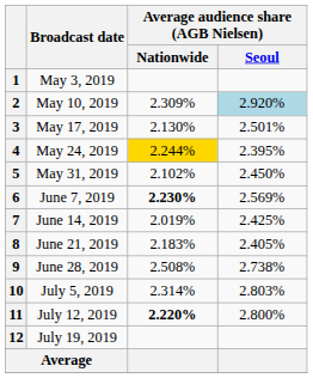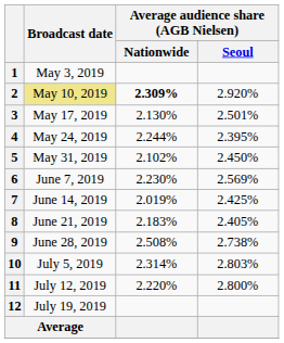 <table class="wikitable" style="text-align:center">
 <tr>
 <th rowspan="2"></th>
 <th rowspan="2">Broadcast date</th>
 <th colspan="2">Average audience share<br>(AGB Nielsen)</th>
 </tr>
 <tr>
 <th width="90">Nationwide</th>
 <th width="90"><a href='#'>Seoul</a></th>
 </tr>
 <tr>
 <th>1</th>
 <td>May 3, 2019</td>
 <td></td>
 <td></td>
 </tr>
 <tr>
 <th>2</th>
-<td>May 10, 2019</td>
-<td>2.309%</td>
-<td style="background: lightblue;">2.920%</td>
+<td style="background: khaki;">May 10, 2019</td>
+<td><strong>2.309%</strong></td>
+<td>2.920%</td>
 </tr>
 <tr>
 <th>3</th>
 <td>May 17, 2019</td>
 <td>2.130%</td>
 <td>2.501%</td>
 </tr>
 <tr>
 <th>4</th>
 <td>May 24, 2019</td>
-<td style="background: gold;">2.244%</td>
+<td>2.244%</td>
 <td>2.395%</td>
 </tr>
 <tr>
 <th>5</th>
 <td>May 31, 2019</td>
 <td>2.102%</td>
 <td>2.450%</td>
 </tr>
 <tr>
 <th>6</th>
 <td>June 7, 2019</td>
-<td><strong>2.230%</strong></td>
+<td>2.230%</td>
 <td>2.569%</td>
 </tr>
 <tr>
 <th>7</th>
 <td>June 14, 2019</td>
 <td>2.019%</td>
 <td>2.425%</td>
 </tr>
 <tr>
 <th>8</th>
 <td>June 21, 2019</td>
 <td>2.183%</td>
 <td>2.405%</td>
 </tr>
 <tr>
 <th>9</th>
 <td>June 28, 2019</td>
 <td>2.508%</td>
 <td>2.738%</td>
 </tr>
 <tr>
 <th>10</th>
 <td>July 5, 2019</td>
 <td>2.314%</td>
 <td>2.803%</td>
 </tr>
 <tr>
 <th>11</th>
 <td>July 12, 2019</td>
-<td><strong>2.220%</strong></td>
+<td>2.220%</td>
 <td>2.800%</td>
 </tr>
 <tr>
 <th>12</th>
 <td>July 19, 2019</td>
 <td></td>
 <td></td>
 </tr>
 <tr>
 <th colspan="2">Average</th>
 <th></th>
 <th></th>
 </tr>
 <tr>
 </tr>
 </table>
